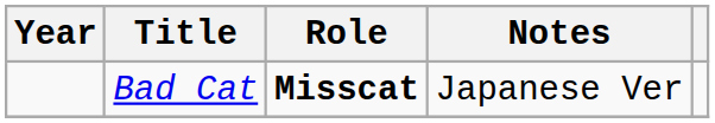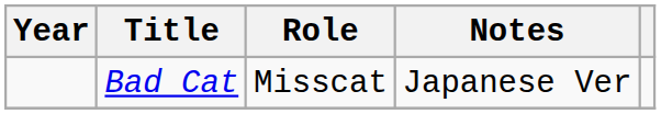 <table class="wikitable sortable plainrowheaders">
 <tr>
 <th>Year</th>
 <th>Title</th>
 <th>Role</th>
 <th class="unsortable">Notes</th>
 <th class="unsortable"></th>
 </tr>
 <tr>
 <td></td>
 <td><em><a href='#'>Bad Cat</a></em></td>
-<td><strong>Misscat</strong></td>
+<td>Misscat</td>
 <td>Japanese Ver</td>
 <td></td>
 </tr>
 <tr>
 </tr>
 </table>
